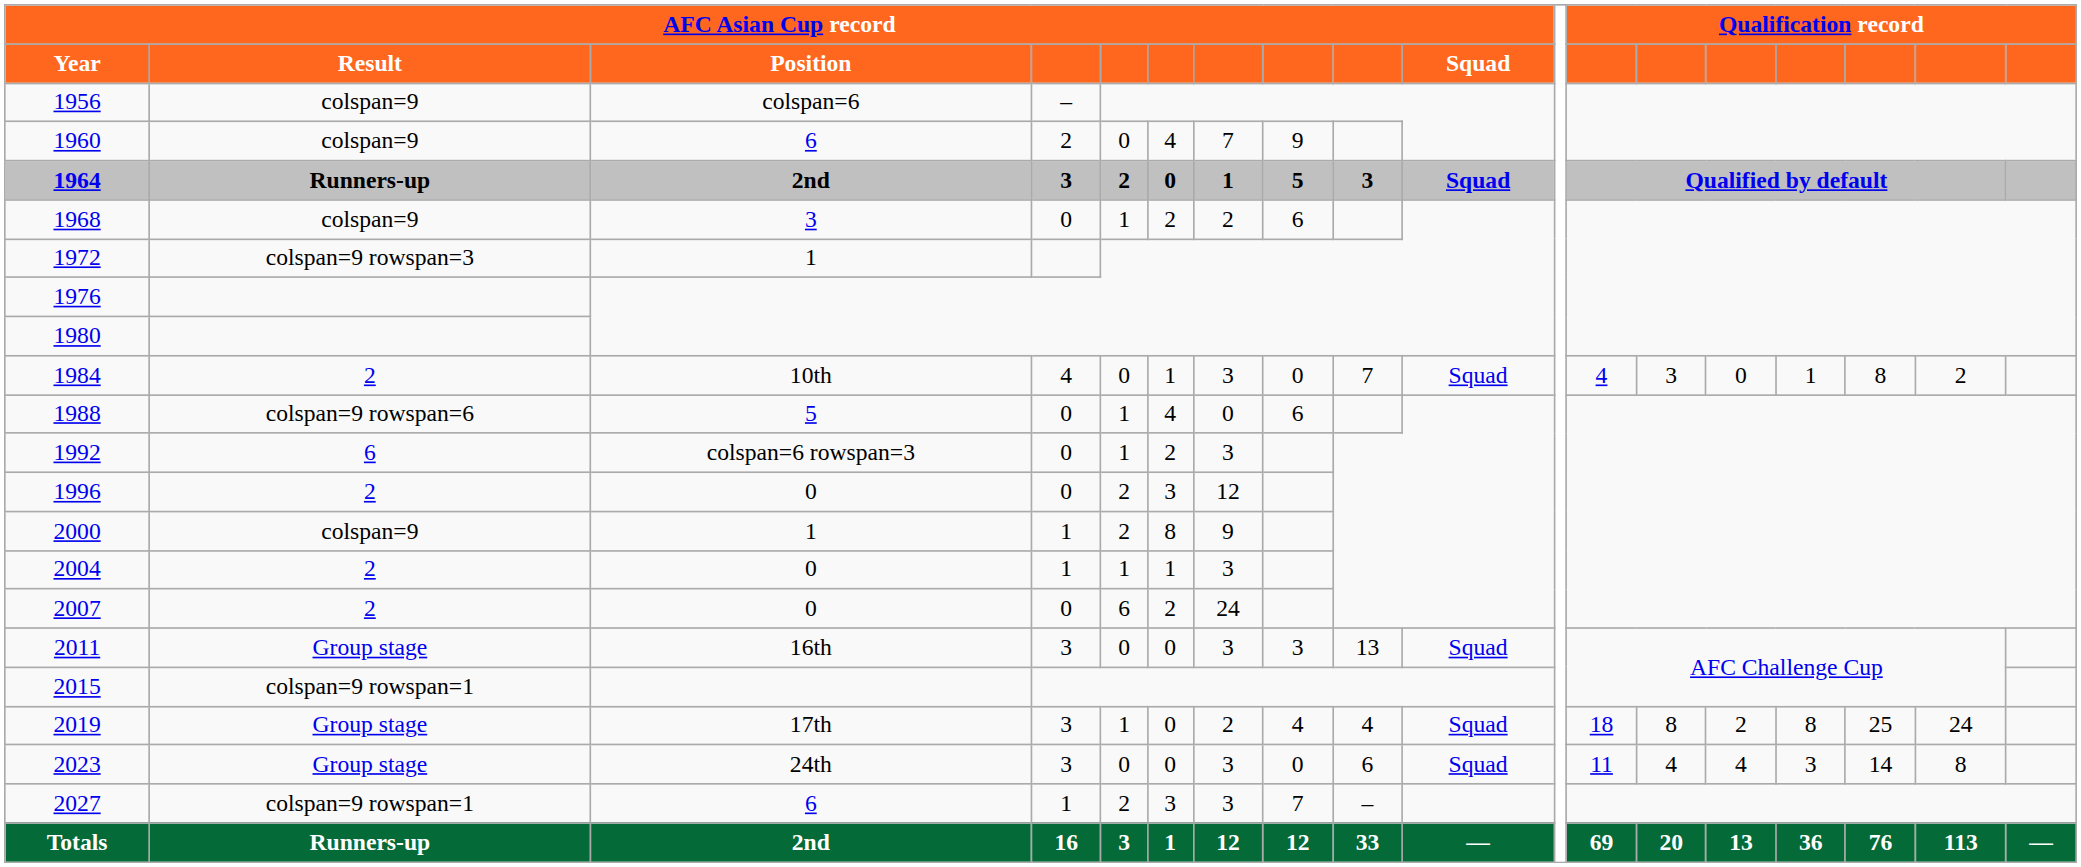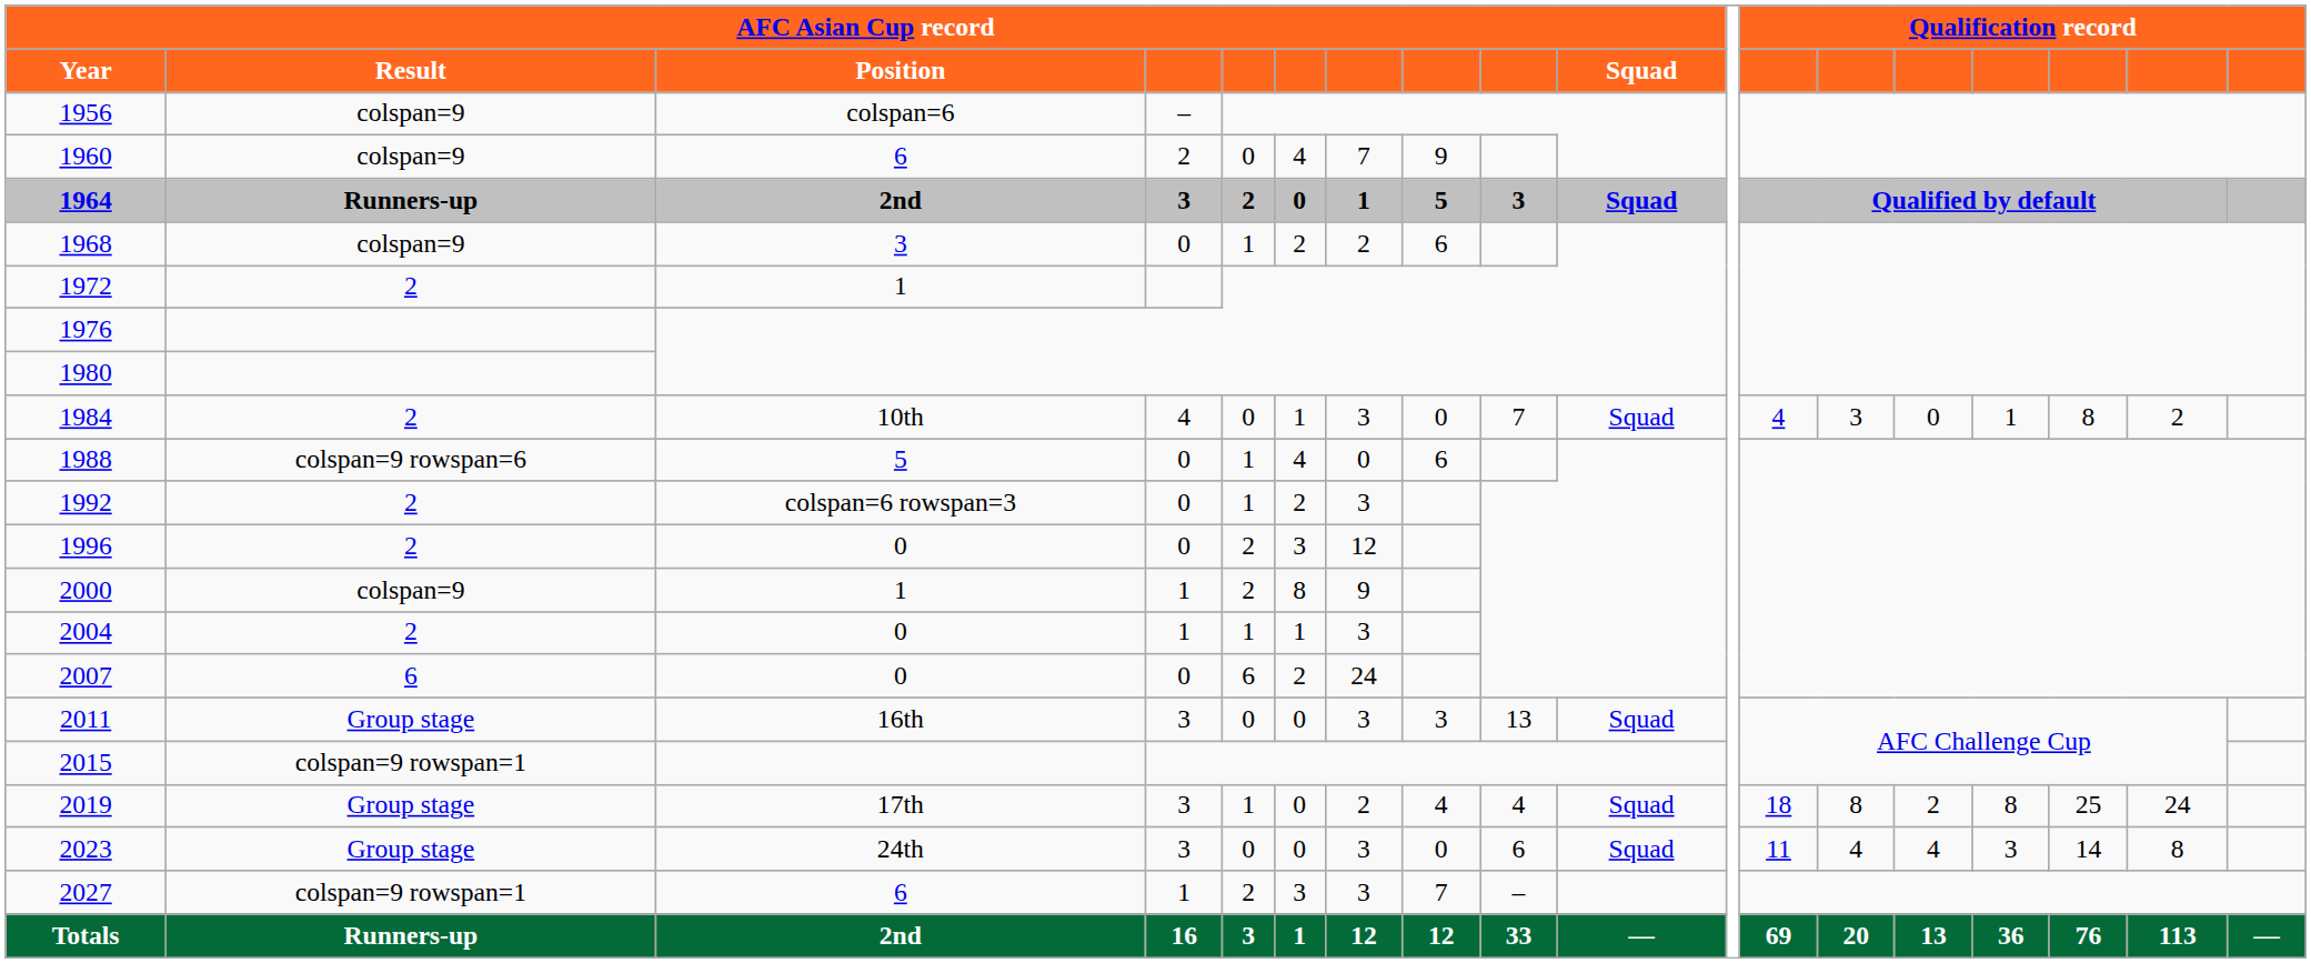 <table class="wikitable" style="font-size:90%; text-align:center;" width="100%" class="wikitable">
 <tr>
 <th colspan=10 style="background:#FF671F; color:white; "><a href='#'>AFC Asian Cup</a> record</th>
 <th width="1" rowspan=28 style="background:#FFFFFF; color:white"></th>
 <th colspan=7 style="background:#FF671F; color:white; "><a href='#'>Qualification</a> record</th>
 </tr>
 <tr>
 <th style="background:#FF671F; color:white; ">Year</th>
 <th style="background:#FF671F; color:white; ">Result</th>
 <th style="background:#FF671F; color:white; ">Position</th>
 <th style="background:#FF671F; color:white; "></th>
 <th style="background:#FF671F; color:white; "></th>
 <th style="background:#FF671F; color:white; "></th>
 <th style="background:#FF671F; color:white; "></th>
 <th style="background:#FF671F; color:white; "></th>
 <th style="background:#FF671F; color:white; "></th>
 <th style="background:#FF671F; color:white; ">Squad</th>
 <th style="background:#FF671F; color:white; "></th>
 <th style="background:#FF671F; color:white; "></th>
 <th style="background:#FF671F; color:white; "></th>
 <th style="background:#FF671F; color:white; "></th>
 <th style="background:#FF671F; color:white; "></th>
 <th style="background:#FF671F; color:white; "></th>
 <th style="background:#FF671F; color:white; "></th>
 </tr>
 <tr>
 <td> <a href='#'>1956</a></td>
 <td>colspan=9 </td>
 <td>colspan=6 </td>
 <td>–</td>
 </tr>
 <tr>
 <td> <a href='#'>1960</a></td>
 <td>colspan=9 </td>
 <td><a href='#'>6</a></td>
 <td>2</td>
 <td>0</td>
 <td>4</td>
 <td>7</td>
 <td>9</td>
 <td></td>
 </tr>
 <tr style="background:silver;">
 <td> <strong><a href='#'>1964</a></strong></td>
 <td><strong>Runners-up</strong></td>
 <td><strong>2nd</strong></td>
 <td><strong>3</strong></td>
 <td><strong>2</strong></td>
 <td><strong>0</strong></td>
 <td><strong>1</strong></td>
 <td><strong>5</strong></td>
 <td><strong>3</strong></td>
 <td><strong><a href='#'>Squad</a></strong></td>
 <td colspan=6><strong><a href='#'>Qualified by default</a></strong></td>
 <td></td>
 </tr>
 <tr>
 <td> <a href='#'>1968</a></td>
 <td>colspan=9 </td>
 <td><a href='#'>3</a></td>
 <td>0</td>
 <td>1</td>
 <td>2</td>
 <td>2</td>
 <td>6</td>
 <td></td>
 </tr>
 <tr>
 <td> <a href='#'>1972</a></td>
-<td>colspan=9 rowspan=3 </td>
+<td><a href='#'>2</a></td>
 <td>1</td>
 <td></td>
 </tr>
 <tr>
 <td> <a href='#'>1976</a></td>
 <td></td>
 </tr>
 <tr>
 <td> <a href='#'>1980</a></td>
 <td></td>
 </tr>
 <tr>
 <td> <a href='#'>1984</a></td>
 <td><a href='#'>2</a></td>
 <td>10th</td>
 <td>4</td>
 <td>0</td>
 <td>1</td>
 <td>3</td>
 <td>0</td>
 <td>7</td>
 <td><a href='#'>Squad</a></td>
 <td><a href='#'>4</a></td>
 <td>3</td>
 <td>0</td>
 <td>1</td>
 <td>8</td>
 <td>2</td>
 <td></td>
 </tr>
 <tr>
 <td> <a href='#'>1988</a></td>
 <td>colspan=9 rowspan=6 </td>
 <td><a href='#'>5</a></td>
 <td>0</td>
 <td>1</td>
 <td>4</td>
 <td>0</td>
 <td>6</td>
 <td></td>
 </tr>
 <tr>
 <td> <a href='#'>1992</a></td>
-<td><a href='#'>6</a></td>
+<td><a href='#'>2</a></td>
 <td>colspan=6 rowspan=3 </td>
 <td>0</td>
 <td>1</td>
 <td>2</td>
 <td>3</td>
 <td></td>
 </tr>
 <tr>
 <td> <a href='#'>1996</a></td>
 <td><a href='#'>2</a></td>
 <td>0</td>
 <td>0</td>
 <td>2</td>
 <td>3</td>
 <td>12</td>
 <td></td>
 </tr>
 <tr>
 <td> <a href='#'>2000</a></td>
 <td>colspan=9 </td>
 <td>1</td>
 <td>1</td>
 <td>2</td>
 <td>8</td>
 <td>9</td>
 <td></td>
 </tr>
 <tr>
 <td> <a href='#'>2004</a></td>
 <td><a href='#'>2</a></td>
 <td>0</td>
 <td>1</td>
 <td>1</td>
 <td>1</td>
 <td>3</td>
 <td></td>
 </tr>
 <tr>
 <td>    <a href='#'>2007</a></td>
-<td><a href='#'>2</a></td>
+<td><a href='#'>6</a></td>
 <td>0</td>
 <td>0</td>
 <td>6</td>
 <td>2</td>
 <td>24</td>
 <td></td>
 </tr>
 <tr>
 <td> <a href='#'>2011</a></td>
 <td><a href='#'>Group stage</a></td>
 <td>16th</td>
 <td>3</td>
 <td>0</td>
 <td>0</td>
 <td>3</td>
 <td>3</td>
 <td>13</td>
 <td><a href='#'>Squad</a></td>
 <td colspan=6 rowspan=2><a href='#'>AFC Challenge Cup</a></td>
 <td></td>
 </tr>
 <tr>
 <td> <a href='#'>2015</a></td>
 <td>colspan=9 rowspan=1 </td>
 <td></td>
 </tr>
 <tr>
 <td> <a href='#'>2019</a></td>
 <td><a href='#'>Group stage</a></td>
 <td>17th</td>
 <td>3</td>
 <td>1</td>
 <td>0</td>
 <td>2</td>
 <td>4</td>
 <td>4</td>
 <td><a href='#'>Squad</a></td>
 <td><a href='#'>18</a></td>
 <td>8</td>
 <td>2</td>
 <td>8</td>
 <td>25</td>
 <td>24</td>
 <td></td>
 </tr>
 <tr>
 <td> <a href='#'>2023</a></td>
 <td><a href='#'>Group stage</a></td>
 <td>24th</td>
 <td>3</td>
 <td>0</td>
 <td>0</td>
 <td>3</td>
 <td>0</td>
 <td>6</td>
 <td><a href='#'>Squad</a></td>
 <td><a href='#'>11</a></td>
 <td>4</td>
 <td>4</td>
 <td>3</td>
 <td>14</td>
 <td>8</td>
 <td></td>
 </tr>
 <tr>
 <td> <a href='#'>2027</a></td>
 <td>colspan=9 rowspan=1 </td>
 <td><a href='#'>6</a></td>
 <td>1</td>
 <td>2</td>
 <td>3</td>
 <td>3</td>
 <td>7</td>
 <td>–</td>
 </tr>
 <tr>
 <th style="background:#046A38; color:white; "><strong>Totals</strong></th>
 <th style="background:#046A38; color:white; ">Runners-up</th>
 <th style="background:#046A38; color:white; ">2nd</th>
 <th style="background:#046A38; color:white; ">16</th>
 <th style="background:#046A38; color:white; ">3</th>
 <th style="background:#046A38; color:white; ">1</th>
 <th style="background:#046A38; color:white; ">12</th>
 <th style="background:#046A38; color:white; ">12</th>
 <th style="background:#046A38; color:white; ">33</th>
 <th style="background:#046A38; color:white; ">—</th>
 <th style="background:#046A38; color:white; ">69</th>
 <th style="background:#046A38; color:white; ">20</th>
 <th style="background:#046A38; color:white; ">13</th>
 <th style="background:#046A38; color:white; ">36</th>
 <th style="background:#046A38; color:white; ">76</th>
 <th style="background:#046A38; color:white; ">113</th>
 <th style="background:#046A38; color:white; ">—</th>
 </tr>
 </table>
